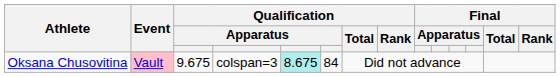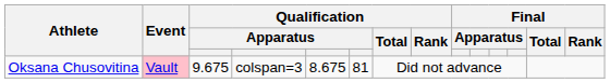 <table class="wikitable" style="font-size:90%">
 <tr>
 <th rowspan=3>Athlete</th>
 <th rowspan=3>Event</th>
 <th colspan=6>Qualification</th>
 <th colspan=6>Final</th>
 </tr>
 <tr style="font-size:95%">
 <th colspan=4>Apparatus</th>
 <th rowspan=2>Total</th>
 <th rowspan=2>Rank</th>
 <th colspan=4>Apparatus</th>
 <th rowspan=2>Total</th>
 <th rowspan=2>Rank</th>
 </tr>
 <tr style="font-size:95%">
 <th></th>
 <th></th>
 <th></th>
 <th></th>
 <th></th>
 <th></th>
 <th></th>
 <th></th>
 </tr>
 <tr align=center>
 <td align=left><a href='#'>Oksana Chusovitina</a></td>
 <td align=left style="background: pink;"><a href='#'>Vault</a></td>
 <td>9.675</td>
 <td>colspan=3 </td>
-<td style="background: paleturquoise;">8.675</td>
-<td>84</td>
+<td>8.675</td>
+<td>81</td>
 <td colspan=6>Did not advance</td>
 </tr>
 </table>
